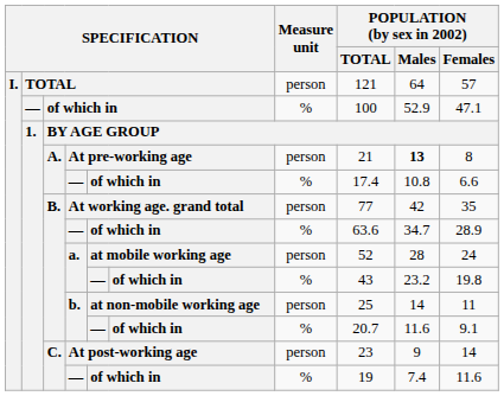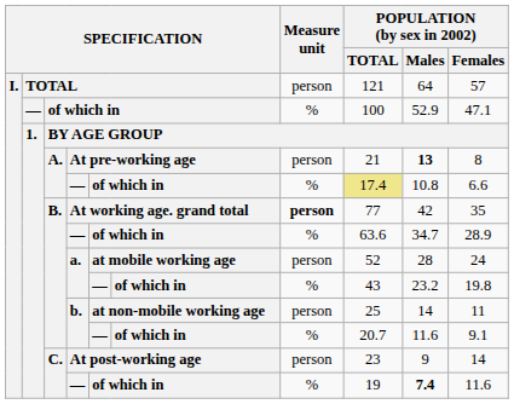 <table class="wikitable" style="font-size:85%; text-align:center">
 <tr>
 <th rowspan="2" colspan="6">SPECIFICATION</th>
 <th rowspan="2">Measure<br> unit</th>
 <th colspan="3" rowspan="1">POPULATION<br> (by sex in 2002)</th>
 </tr>
 <tr>
 <th>TOTAL</th>
 <th>Males</th>
 <th>Females</th>
 </tr>
 <tr>
 <th style="text-align:left" valign="top" rowspan="13">I.</th>
 <th style="text-align:left" colspan="5">TOTAL</th>
 <td>person</td>
 <td>121</td>
 <td>64</td>
 <td>57</td>
 </tr>
 <tr>
 <th style="text-align:left" valign="top">—</th>
 <th style="text-align:left" colspan="4">of which in</th>
 <td>%</td>
 <td>100</td>
 <td>52.9</td>
 <td>47.1</td>
 </tr>
 <tr>
 <th style="text-align:left" valign="top" rowspan="11">1.</th>
 <th style="text-align:left" colspan="19">BY AGE GROUP</th>
 </tr>
 <tr>
 <th style="text-align:left" valign="top" rowspan="2">A.</th>
 <th style="text-align:left" colspan="3">At pre-working age</th>
 <td>person</td>
 <td>21</td>
 <td><strong>13</strong></td>
 <td>8</td>
 </tr>
 <tr>
 <th style="text-align:left" valign="top">—</th>
 <th style="text-align:left" valign="top" colspan="2">of which in</th>
 <td>%</td>
-<td>17.4</td>
+<td style="background: khaki;">17.4</td>
 <td>10.8</td>
 <td>6.6</td>
 </tr>
 <tr>
 <th style="text-align:left" valign="top" rowspan="6">B.</th>
 <th style="text-align:left" colspan="3">At working age. grand total</th>
-<td>person</td>
+<td><strong>person</strong></td>
 <td>77</td>
 <td>42</td>
 <td>35</td>
 </tr>
 <tr>
 <th style="text-align:left" valign="top">—</th>
 <th style="text-align:left" valign="top" colspan="2">of which in</th>
 <td>%</td>
 <td>63.6</td>
 <td>34.7</td>
 <td>28.9</td>
 </tr>
 <tr>
 <th style="text-align:left" valign="top" rowspan="2">a.</th>
 <th style="text-align:left" colspan="2">at mobile working age</th>
 <td>person</td>
 <td>52</td>
 <td>28</td>
 <td>24</td>
 </tr>
 <tr>
 <th style="text-align:left" valign="top">—</th>
 <th style="text-align:left" valign="top" colspan="1">of which in                        </th>
 <td>%</td>
 <td>43</td>
 <td>23.2</td>
 <td>19.8</td>
 </tr>
 <tr>
 <th style="text-align:left" valign="top" rowspan="2">b.</th>
 <th style="text-align:left" colspan="2">at non-mobile working age</th>
 <td>person</td>
 <td>25</td>
 <td>14</td>
 <td>11</td>
 </tr>
 <tr>
 <th style="text-align:left" valign="top">—</th>
 <th style="text-align:left" valign="top" colspan="1">of which in                        </th>
 <td>%</td>
 <td>20.7</td>
 <td>11.6</td>
 <td>9.1</td>
 </tr>
 <tr>
 <th style="text-align:left" valign="top" rowspan="2">C.</th>
 <th style="text-align:left" colspan="3">At post-working age</th>
 <td>person</td>
 <td>23</td>
 <td>9</td>
 <td>14</td>
 </tr>
 <tr>
 <th style="text-align:left" valign="top">—</th>
 <th style="text-align:left" valign="top" colspan="2">of which in</th>
 <td>%</td>
 <td>19</td>
-<td>7.4</td>
+<td><strong>7.4</strong></td>
 <td>11.6</td>
 </tr>
 </table>
